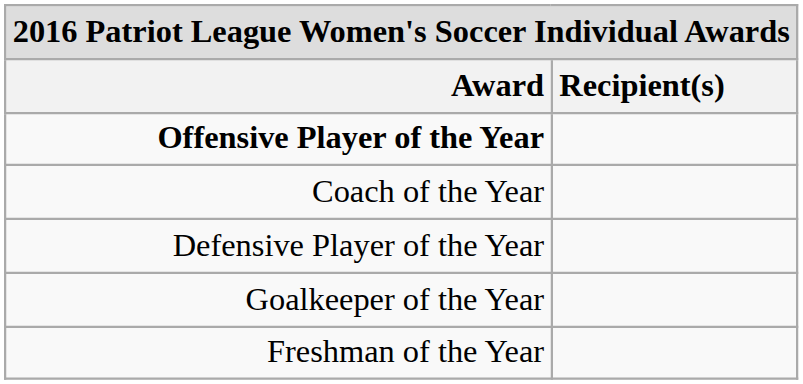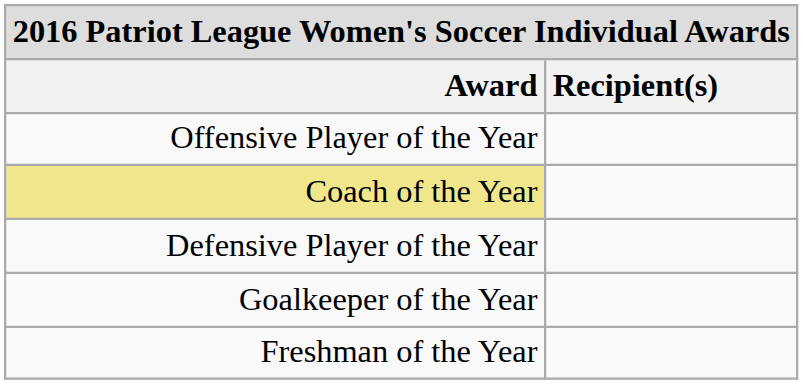 <table class="wikitable" style="white-space:nowrap; font-size:90%;">
 <tr>
 <td colspan="7" style="text-align:center; background:#ddd;"><strong>2016 Patriot League Women's Soccer Individual Awards</strong></td>
 </tr>
 <tr>
 <th style="text-align:right;">Award</th>
 <th style="text-align:left;">Recipient(s)</th>
 </tr>
 <tr>
-<td style="text-align:right;"><strong>Offensive Player of the Year</strong></td>
+<td style="text-align:right;">Offensive Player of the Year</td>
 <td style="text-align:left;"></td>
 </tr>
 <tr>
-<td style="text-align:right;">Coach of the Year</td>
+<td style="background: khaki; text-align:right;">Coach of the Year</td>
 <td style="text-align:left;"></td>
 </tr>
 <tr>
 <td style="text-align:right;">Defensive Player of the Year</td>
 <td style="text-align:left;"></td>
 </tr>
 <tr>
 <td style="text-align:right;">Goalkeeper of the Year</td>
 <td style="text-align:left;"></td>
 </tr>
 <tr>
 <td style="text-align:right;">Freshman of the Year</td>
 <td style="text-align:left;"></td>
 </tr>
 </table>
